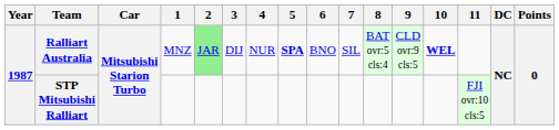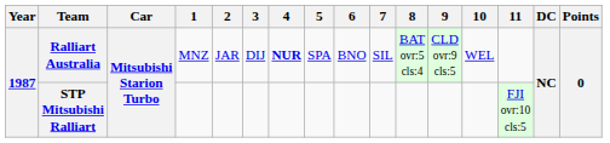 <table class="wikitable" style="text-align:center; font-size:95%">
 <tr>
 <th>Year</th>
 <th>Team</th>
 <th>Car</th>
 <th>1</th>
 <th>2</th>
 <th>3</th>
 <th>4</th>
 <th>5</th>
 <th>6</th>
 <th>7</th>
 <th>8</th>
 <th>9</th>
 <th>10</th>
 <th>11</th>
 <th>DC</th>
 <th>Points</th>
 </tr>
 <tr>
 <th rowspan=2><a href='#'>1987</a></th>
 <th> <a href='#'>Ralliart Australia</a></th>
 <th rowspan=2><a href='#'>Mitsubishi Starion Turbo</a></th>
 <td><a href='#'>MNZ</a></td>
-<td style="background: lightgreen;"><a href='#'>JAR</a></td>
+<td><a href='#'>JAR</a></td>
 <td><a href='#'>DIJ</a></td>
-<td><a href='#'>NUR</a></td>
-<td><strong><a href='#'>SPA</a></strong></td>
+<td><strong><a href='#'>NUR</a></strong></td>
+<td><a href='#'>SPA</a></td>
 <td><a href='#'>BNO</a></td>
 <td><a href='#'>SIL</a></td>
 <td style="background:#dfffdf;"><a href='#'>BAT</a><br><small>ovr:5<br>cls:4</small></td>
 <td style="background:#dfffdf;"><a href='#'>CLD</a><br><small>ovr:9<br>cls:5</small></td>
-<td><strong><a href='#'>WEL</a></strong></td>
+<td><a href='#'>WEL</a></td>
 <td></td>
 <th rowspan=2>NC</th>
 <th rowspan=2>0</th>
 </tr>
 <tr>
 <th> STP <a href='#'>Mitsubishi Ralliart</a></th>
 <td></td>
 <td></td>
 <td></td>
 <td></td>
 <td></td>
 <td></td>
 <td></td>
 <td></td>
 <td></td>
 <td></td>
 <td style="background:#dfffdf;"><a href='#'>FJI</a><br><small>ovr:10<br>cls:5</small></td>
 </tr>
 </table>
